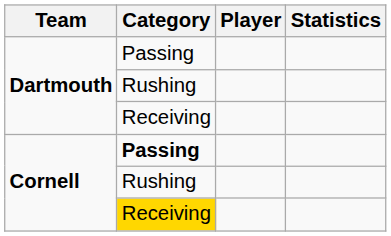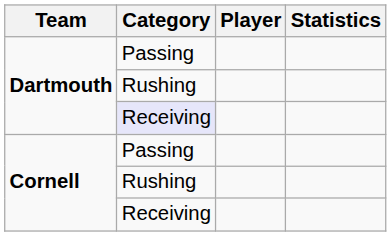 <table class="wikitable" style="float: right;">
 <tr>
 <th>Team</th>
 <th>Category</th>
 <th>Player</th>
 <th>Statistics</th>
 </tr>
 <tr>
 <td rowspan=3><strong>Dartmouth</strong></td>
 <td>Passing</td>
 <td></td>
 <td></td>
 </tr>
 <tr>
 <td>Rushing</td>
 <td></td>
 <td></td>
 </tr>
 <tr>
-<td>Receiving</td>
+<td style="background: lavender;">Receiving</td>
 <td></td>
 <td></td>
 </tr>
 <tr>
 <td rowspan=3><strong>Cornell</strong></td>
-<td><strong>Passing</strong></td>
+<td>Passing</td>
 <td></td>
 <td></td>
 </tr>
 <tr>
 <td>Rushing</td>
 <td></td>
 <td></td>
 </tr>
 <tr>
-<td style="background: gold;">Receiving</td>
+<td>Receiving</td>
 <td></td>
 <td></td>
 </tr>
 </table>
